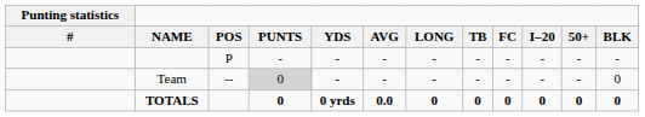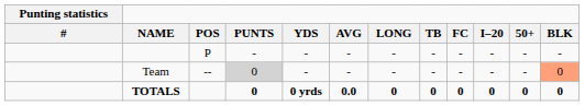 <table class="wikitable collapsible collapsed" style="width:60%; text-align:center;">
 <tr>
 <th style="text-align:center; ">Punting statistics</th>
 </tr>
 <tr>
 <th>#</th>
 <th>NAME</th>
 <th>POS</th>
 <th>PUNTS</th>
 <th>YDS</th>
 <th>AVG</th>
 <th>LONG</th>
 <th>TB</th>
 <th>FC</th>
 <th>I–20</th>
 <th>50+</th>
 <th>BLK</th>
 </tr>
 <tr>
 <td></td>
 <td></td>
 <td>P</td>
 <td>-</td>
 <td>-</td>
 <td>-</td>
 <td>-</td>
 <td>-</td>
 <td>-</td>
 <td>-</td>
 <td>-</td>
 <td>-</td>
 </tr>
 <tr>
 <td></td>
 <td>Team</td>
 <td>--</td>
 <td style="background: lightgrey;">0</td>
 <td>-</td>
 <td>-</td>
 <td>-</td>
 <td>-</td>
 <td>-</td>
 <td>-</td>
 <td>-</td>
-<td>0</td>
+<td style="background: lightsalmon;">0</td>
 </tr>
 <tr>
 <td></td>
 <td><strong>TOTALS</strong></td>
 <td></td>
 <td><strong>0</strong></td>
 <td><strong>0 yrds</strong></td>
 <td><strong>0.0</strong></td>
 <td><strong>0</strong></td>
 <td><strong>0</strong></td>
 <td><strong>0</strong></td>
 <td><strong>0</strong></td>
 <td><strong>0</strong></td>
 <td><strong>0</strong></td>
 </tr>
 </table>
